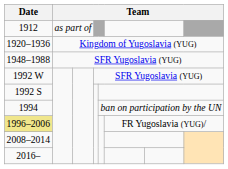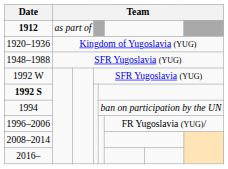 <table class="wikitable" style="text-align:center; font-size:90%;">
 <tr>
 <th>Date</th>
 <th colspan=7>Team</th>
 </tr>
 <tr>
-<td>1912</td>
+<td><strong>1912</strong></td>
 <td colspan=2><em>as part of </em></td>
 <td colspan=2 style="background:darkgray"></td>
 <td colspan=2></td>
 <td style="background:darkgray"></td>
 </tr>
 <tr>
 <td>1920–1936</td>
 <td colspan=7> <a href='#'>Kingdom of Yugoslavia</a> <small>(YUG)</small></td>
 </tr>
 <tr>
 <td>1948–1988</td>
 <td colspan=7> <a href='#'>SFR Yugoslavia</a> <small>(YUG)</small></td>
 </tr>
 <tr>
 <td>1992 W</td>
 <td rowspan=6></td>
 <td rowspan=6></td>
 <td colspan=5> <a href='#'>SFR Yugoslavia</a> <small>(YUG)</small></td>
 </tr>
 <tr>
-<td>1992 S</td>
+<td><strong>1992 S</strong></td>
 <td rowspan=5></td>
 <td colspan=4></td>
 </tr>
 <tr>
 <td>1994</td>
 <td colspan=4><em>ban on participation by the UN</em></td>
 </tr>
 <tr>
-<td style="background: khaki;">1996–2006</td>
+<td>1996–2006</td>
 <td rowspan=3></td>
 <td colspan=3> FR Yugoslavia <small>(YUG)</small>/<br></td>
 </tr>
 <tr>
 <td>2008–2014</td>
 <td colspan=2></td>
 <td rowspan=2 style="background:moccasin"></td>
 </tr>
 <tr>
 <td>2016–</td>
 <td rowspan=1></td>
 <td rowspan=1></td>
 </tr>
 </table>
